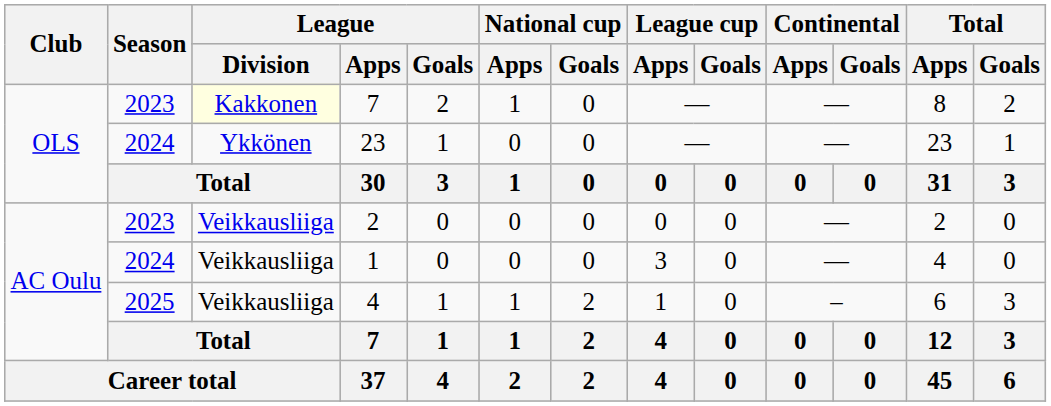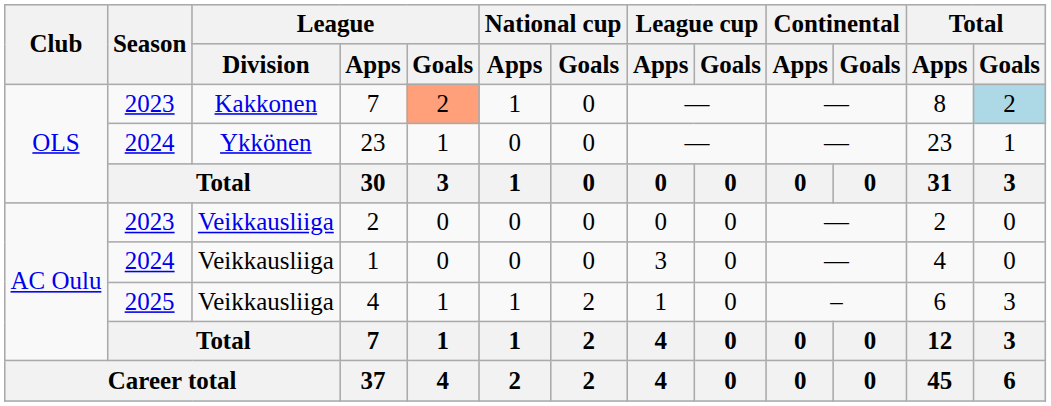 <table class="wikitable" style="text-align:center">
 <tr>
 <th rowspan="2">Club</th>
 <th rowspan="2">Season</th>
 <th colspan="3">League</th>
 <th colspan="2">National cup</th>
 <th colspan="2">League cup</th>
 <th colspan="2">Continental</th>
 <th colspan="2">Total</th>
 </tr>
 <tr>
 <th>Division</th>
 <th>Apps</th>
 <th>Goals</th>
 <th>Apps</th>
 <th>Goals</th>
 <th>Apps</th>
 <th>Goals</th>
 <th>Apps</th>
 <th>Goals</th>
 <th>Apps</th>
 <th>Goals</th>
 </tr>
 <tr>
 <td rowspan=3><a href='#'>OLS</a></td>
 <td><a href='#'>2023</a></td>
-<td style="background: lightyellow;"><a href='#'>Kakkonen</a></td>
+<td><a href='#'>Kakkonen</a></td>
 <td>7</td>
-<td>2</td>
+<td style="background: lightsalmon;">2</td>
 <td>1</td>
 <td>0</td>
 <td colspan="2">—</td>
 <td colspan="2">—</td>
 <td>8</td>
-<td>2</td>
+<td style="background: lightblue;">2</td>
 </tr>
 <tr>
 <td><a href='#'>2024</a></td>
 <td><a href='#'>Ykkönen</a></td>
 <td>23</td>
 <td>1</td>
 <td>0</td>
 <td>0</td>
 <td colspan="2">—</td>
 <td colspan="2">—</td>
 <td>23</td>
 <td>1</td>
 </tr>
 <tr>
 <th colspan="2">Total</th>
 <th>30</th>
 <th>3</th>
 <th>1</th>
 <th>0</th>
 <th>0</th>
 <th>0</th>
 <th>0</th>
 <th>0</th>
 <th>31</th>
 <th>3</th>
 </tr>
 <tr>
 <td rowspan="4"><a href='#'>AC Oulu</a></td>
 <td><a href='#'>2023</a></td>
 <td><a href='#'>Veikkausliiga</a></td>
 <td>2</td>
 <td>0</td>
 <td>0</td>
 <td>0</td>
 <td>0</td>
 <td>0</td>
 <td colspan="2">—</td>
 <td>2</td>
 <td>0</td>
 </tr>
 <tr>
 <td><a href='#'>2024</a></td>
 <td>Veikkausliiga</td>
 <td>1</td>
 <td>0</td>
 <td>0</td>
 <td>0</td>
 <td>3</td>
 <td>0</td>
 <td colspan="2">—</td>
 <td>4</td>
 <td>0</td>
 </tr>
 <tr>
 <td><a href='#'>2025</a></td>
 <td>Veikkausliiga</td>
 <td>4</td>
 <td>1</td>
 <td>1</td>
 <td>2</td>
 <td>1</td>
 <td>0</td>
 <td colspan=2>–</td>
 <td>6</td>
 <td>3</td>
 </tr>
 <tr>
 <th colspan="2">Total</th>
 <th>7</th>
 <th>1</th>
 <th>1</th>
 <th>2</th>
 <th>4</th>
 <th>0</th>
 <th>0</th>
 <th>0</th>
 <th>12</th>
 <th>3</th>
 </tr>
 <tr>
 <th colspan="3">Career total</th>
 <th>37</th>
 <th>4</th>
 <th>2</th>
 <th>2</th>
 <th>4</th>
 <th>0</th>
 <th>0</th>
 <th>0</th>
 <th>45</th>
 <th>6</th>
 </tr>
 </table>
